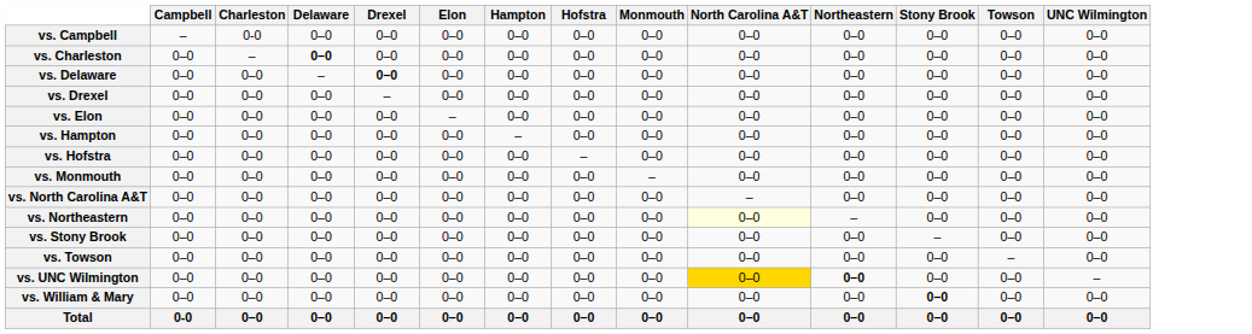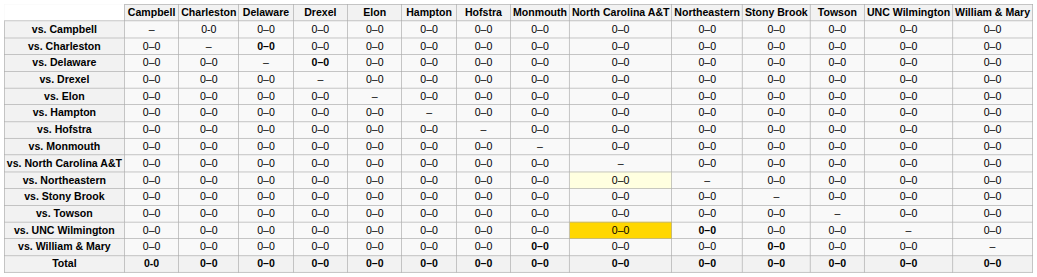 <table class="wikitable" style="white-space:nowrap;font-size:100%;">
 <tr>
 <th colspan="1" width="75" style="background:white; border-top-style:hidden; border-left-style:hidden;"> </th>
 <th width="75">Campbell</th>
 <th width="75">Charleston</th>
 <th width="75">Delaware</th>
 <th width="75">Drexel</th>
 <th width="75">Elon</th>
 <th width="75">Hampton</th>
 <th width="75">Hofstra</th>
 <th width="75">Monmouth</th>
 <th width="75">North Carolina A&T</th>
 <th width="75">Northeastern</th>
 <th width="75">Stony Brook</th>
 <th width="75">Towson</th>
 <th width="75">UNC Wilmington</th>
+<th width="75">William & Mary</th>
 </tr>
 <tr style="text-align:center;">
 <th>vs. Campbell</th>
 <td>–</td>
 <td>0-0</td>
+<td>0–0</td>
 <td>0–0</td>
 <td>0–0</td>
 <td>0–0</td>
 <td>0–0</td>
 <td>0–0</td>
 <td>0–0</td>
 <td>0–0</td>
 <td>0–0</td>
 <td>0–0</td>
 <td>0–0</td>
 <td>0–0</td>
 </tr>
 <tr style="text-align:center;">
 <th>vs. Charleston</th>
 <td>0–0</td>
 <td>–</td>
 <td><strong>0–0</strong></td>
 <td>0–0</td>
 <td>0–0</td>
 <td>0–0</td>
 <td>0–0</td>
 <td>0–0</td>
 <td>0–0</td>
 <td>0–0</td>
 <td>0–0</td>
 <td>0–0</td>
 <td>0–0</td>
+<td>0–0</td>
 </tr>
 <tr style="text-align:center;">
 <th>vs. Delaware</th>
 <td>0–0</td>
 <td>0–0</td>
 <td>–</td>
 <td><strong>0–0</strong></td>
+<td>0–0</td>
 <td>0–0</td>
 <td>0–0</td>
 <td>0–0</td>
 <td>0–0</td>
 <td>0–0</td>
 <td>0–0</td>
 <td>0–0</td>
 <td>0–0</td>
 <td>0–0</td>
 </tr>
 <tr style="text-align:center;">
 <th>vs. Drexel</th>
 <td>0–0</td>
 <td>0–0</td>
 <td>0–0</td>
 <td>–</td>
 <td>0–0</td>
 <td>0–0</td>
 <td>0–0</td>
 <td>0–0</td>
 <td>0–0</td>
 <td>0–0</td>
 <td>0–0</td>
 <td>0–0</td>
 <td>0–0</td>
+<td>0–0</td>
 </tr>
 <tr style="text-align:center;">
 <th>vs. Elon</th>
 <td>0–0</td>
 <td>0–0</td>
 <td>0–0</td>
 <td>0–0</td>
 <td>–</td>
+<td>0–0</td>
 <td>0–0</td>
 <td>0–0</td>
 <td>0–0</td>
 <td>0–0</td>
 <td>0–0</td>
 <td>0–0</td>
 <td>0–0</td>
 <td>0–0</td>
 </tr>
 <tr style="text-align:center;">
 <th>vs. Hampton</th>
 <td>0–0</td>
 <td>0–0</td>
 <td>0–0</td>
 <td>0–0</td>
 <td>0–0</td>
 <td>–</td>
 <td>0–0</td>
 <td>0–0</td>
 <td>0–0</td>
 <td>0–0</td>
 <td>0–0</td>
 <td>0–0</td>
 <td>0–0</td>
+<td>0–0</td>
 </tr>
 <tr style="text-align:center;">
 <th>vs. Hofstra</th>
 <td>0–0</td>
 <td>0–0</td>
 <td>0–0</td>
 <td>0–0</td>
 <td>0–0</td>
 <td>0–0</td>
 <td>–</td>
+<td>0–0</td>
 <td>0–0</td>
 <td>0–0</td>
 <td>0–0</td>
 <td>0–0</td>
 <td>0–0</td>
 <td>0–0</td>
 </tr>
 <tr style="text-align:center;">
 <th>vs. Monmouth</th>
 <td>0–0</td>
 <td>0–0</td>
 <td>0–0</td>
 <td>0–0</td>
 <td>0–0</td>
 <td>0–0</td>
 <td>0–0</td>
 <td>–</td>
 <td>0–0</td>
 <td>0–0</td>
 <td>0–0</td>
 <td>0–0</td>
 <td>0–0</td>
+<td>0–0</td>
 </tr>
 <tr style="text-align:center;">
 <th>vs. North Carolina A&T</th>
 <td>0–0</td>
 <td>0–0</td>
 <td>0–0</td>
 <td>0–0</td>
 <td>0–0</td>
 <td>0–0</td>
 <td>0–0</td>
 <td>0–0</td>
 <td>–</td>
+<td>0–0</td>
 <td>0–0</td>
 <td>0–0</td>
 <td>0–0</td>
 <td>0–0</td>
 </tr>
 <tr style="text-align:center;">
 <th>vs. Northeastern</th>
 <td>0–0</td>
 <td>0–0</td>
 <td>0–0</td>
 <td>0–0</td>
 <td>0–0</td>
 <td>0–0</td>
 <td>0–0</td>
 <td>0–0</td>
 <td style="background: lightyellow;">0–0</td>
 <td>–</td>
 <td>0–0</td>
 <td>0–0</td>
 <td>0–0</td>
+<td>0–0</td>
 </tr>
 <tr style="text-align:center;">
 <th>vs. Stony Brook</th>
 <td>0–0</td>
 <td>0–0</td>
 <td>0–0</td>
 <td>0–0</td>
 <td>0–0</td>
 <td>0–0</td>
 <td>0–0</td>
 <td>0–0</td>
 <td>0–0</td>
 <td>0–0</td>
 <td>–</td>
+<td>0–0</td>
 <td>0–0</td>
 <td>0–0</td>
 </tr>
 <tr style="text-align:center;">
 <th>vs. Towson</th>
 <td>0–0</td>
 <td>0–0</td>
 <td>0–0</td>
 <td>0–0</td>
 <td>0–0</td>
 <td>0–0</td>
 <td>0–0</td>
 <td>0–0</td>
 <td>0–0</td>
 <td>0–0</td>
 <td>0–0</td>
 <td>–</td>
 <td>0–0</td>
+<td>0–0</td>
 </tr>
 <tr style="text-align:center;">
 <th>vs. UNC Wilmington</th>
 <td>0–0</td>
 <td>0–0</td>
 <td>0–0</td>
 <td>0–0</td>
 <td>0–0</td>
 <td>0–0</td>
 <td>0–0</td>
 <td>0–0</td>
 <td style="background: gold;">0–0</td>
 <td><strong>0–0</strong></td>
 <td>0–0</td>
 <td>0–0</td>
 <td>–</td>
+<td>0–0</td>
 </tr>
 <tr style="text-align:center;">
 <th>vs. William & Mary</th>
 <td>0–0</td>
 <td>0–0</td>
 <td>0–0</td>
 <td>0–0</td>
 <td>0–0</td>
 <td>0–0</td>
 <td>0–0</td>
-<td>0–0</td>
+<td><strong>0–0</strong></td>
 <td>0–0</td>
 <td>0–0</td>
 <td><strong>0–0</strong></td>
 <td>0–0</td>
 <td>0–0</td>
+<td>– </td>
 </tr>
 <tr style="text-align:center;">
 <th>Total</th>
 <th>0-0</th>
 <th>0–0</th>
 <th>0–0</th>
 <th>0–0</th>
 <th>0–0</th>
 <th>0–0</th>
 <th>0–0</th>
 <th>0–0</th>
 <th>0–0</th>
 <th>0–0</th>
 <th>0–0</th>
 <th>0–0</th>
 <th>0–0</th>
+<th>0–0</th>
 </tr>
 </table>
